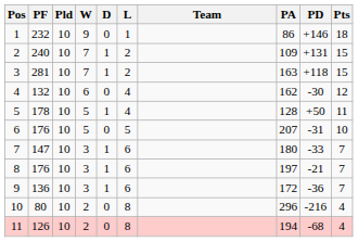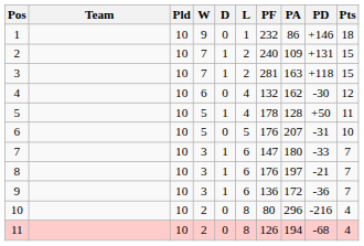 <table class="wikitable" style="text-align:center">
 <tr>
 <th width=20 abbr="Position">Pos</th>
-<th width=20 abbr="Points for">PF</th>
+<th width=175>Team</th>
 <th width=20 abbr="Played">Pld</th>
 <th width=20 abbr="Won">W</th>
 <th width=20 abbr="Drawn">D</th>
 <th width=20 abbr="Lost">L</th>
-<th width=175>Team</th>
+<th width=20 abbr="Points for">PF</th>
 <th width=20 abbr="Points against">PA</th>
 <th width=25 abbr="Points difference">PD</th>
 <th width=20 abbr="Points">Pts</th>
 </tr>
 <tr>
 <td>1</td>
-<td>232</td>
+<td style="text-align:left"></td>
 <td>10</td>
 <td>9</td>
 <td>0</td>
 <td>1</td>
-<td style="text-align:left"></td>
+<td>232</td>
 <td>86</td>
 <td>+146</td>
 <td>18</td>
 </tr>
 <tr>
 <td>2</td>
-<td>240</td>
+<td style="text-align:left"></td>
 <td>10</td>
 <td>7</td>
 <td>1</td>
 <td>2</td>
-<td style="text-align:left"></td>
+<td>240</td>
 <td>109</td>
 <td>+131</td>
 <td>15</td>
 </tr>
 <tr>
 <td>3</td>
-<td>281</td>
+<td style="text-align:left"></td>
 <td>10</td>
 <td>7</td>
 <td>1</td>
 <td>2</td>
-<td style="text-align:left"></td>
+<td>281</td>
 <td>163</td>
 <td>+118</td>
 <td>15</td>
 </tr>
 <tr>
 <td>4</td>
-<td>132</td>
+<td style="text-align:left"></td>
 <td>10</td>
 <td>6</td>
 <td>0</td>
 <td>4</td>
-<td style="text-align:left"></td>
+<td>132</td>
 <td>162</td>
 <td>-30</td>
 <td>12</td>
 </tr>
 <tr>
 <td>5</td>
-<td>178</td>
+<td style="text-align:left"></td>
 <td>10</td>
 <td>5</td>
 <td>1</td>
 <td>4</td>
-<td style="text-align:left"></td>
+<td>178</td>
 <td>128</td>
 <td>+50</td>
 <td>11</td>
 </tr>
 <tr>
 <td>6</td>
-<td>176</td>
+<td style="text-align:left"></td>
 <td>10</td>
 <td>5</td>
 <td>0</td>
 <td>5</td>
-<td style="text-align:left"></td>
+<td>176</td>
 <td>207</td>
 <td>-31</td>
 <td>10</td>
 </tr>
 <tr>
 <td>7</td>
-<td>147</td>
+<td style="text-align:left"></td>
 <td>10</td>
 <td>3</td>
 <td>1</td>
 <td>6</td>
-<td style="text-align:left"></td>
+<td>147</td>
 <td>180</td>
 <td>-33</td>
 <td>7</td>
 </tr>
 <tr>
 <td>8</td>
-<td>176</td>
+<td style="text-align:left"></td>
 <td>10</td>
 <td>3</td>
 <td>1</td>
 <td>6</td>
-<td style="text-align:left"></td>
+<td>176</td>
 <td>197</td>
 <td>-21</td>
 <td>7</td>
 </tr>
 <tr>
 <td>9</td>
-<td>136</td>
+<td style="text-align:left"></td>
 <td>10</td>
 <td>3</td>
 <td>1</td>
 <td>6</td>
-<td style="text-align:left"></td>
+<td>136</td>
 <td>172</td>
 <td>-36</td>
 <td>7</td>
 </tr>
 <tr>
 <td>10</td>
-<td>80</td>
+<td style="text-align:left"></td>
 <td>10</td>
 <td>2</td>
 <td>0</td>
 <td>8</td>
-<td style="text-align:left"></td>
+<td>80</td>
 <td>296</td>
 <td>-216</td>
 <td>4</td>
 </tr>
 <tr style="background:#ffcccc">
 <td>11</td>
-<td>126</td>
+<td style="text-align:left"></td>
 <td>10</td>
 <td>2</td>
 <td>0</td>
 <td>8</td>
-<td style="text-align:left"></td>
+<td>126</td>
 <td>194</td>
 <td>-68</td>
 <td>4</td>
 </tr>
 </table>
